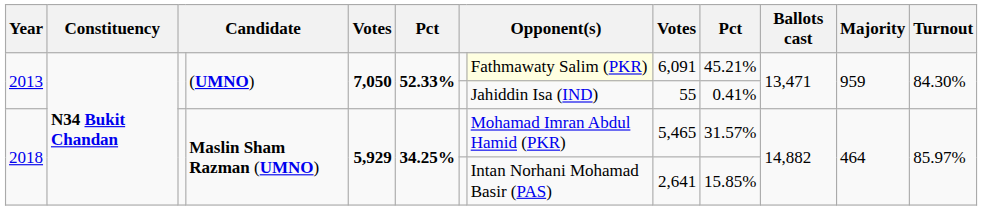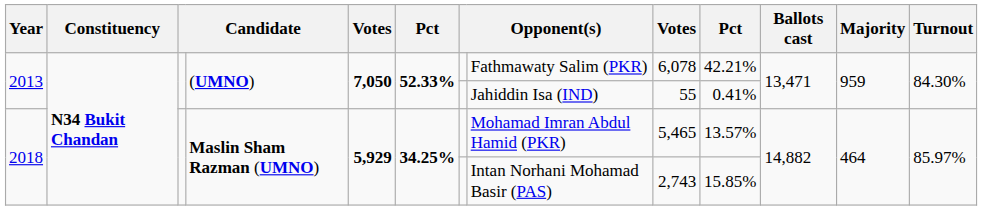 <table class="wikitable" style="margin:0.5em ; font-size:95%">
 <tr>
 <th>Year</th>
 <th>Constituency</th>
 <th colspan=2>Candidate</th>
 <th>Votes</th>
 <th>Pct</th>
 <th colspan=2>Opponent(s)</th>
 <th>Votes</th>
 <th>Pct</th>
 <th>Ballots cast</th>
 <th>Majority</th>
 <th>Turnout</th>
 </tr>
 <tr>
 <td rowspan="2"><a href='#'>2013</a></td>
 <td rowspan="4"><strong>N34 <a href='#'>Bukit Chandan</a></strong></td>
 <td rowspan="2" ></td>
 <td rowspan="2"> (<a href='#'><strong>UMNO</strong></a>)</td>
 <td rowspan="2" align=right><strong>7,050</strong></td>
 <td rowspan="2"><strong>52.33%</strong></td>
 <td></td>
-<td style="background: lightyellow;">Fathmawaty Salim (<a href='#'>PKR</a>)</td>
-<td align=right>6,091</td>
-<td>45.21%</td>
+<td>Fathmawaty Salim (<a href='#'>PKR</a>)</td>
+<td align=right>6,078</td>
+<td>42.21%</td>
 <td rowspan="2">13,471</td>
 <td rowspan="2">959</td>
 <td rowspan="2">84.30%</td>
 </tr>
 <tr>
 <td></td>
 <td>Jahiddin Isa (<a href='#'>IND</a>)</td>
 <td align=right>55</td>
 <td align=right>0.41%</td>
 </tr>
 <tr>
 <td rowspan="2"><a href='#'>2018</a></td>
 <td rowspan="2" ></td>
 <td rowspan="2"><strong>Maslin Sham Razman</strong> (<a href='#'><strong>UMNO</strong></a>)</td>
 <td rowspan="2" align=right><strong>5,929</strong></td>
 <td rowspan="2"><strong>34.25%</strong></td>
 <td></td>
 <td><a href='#'>Mohamad Imran Abdul Hamid</a> (<a href='#'>PKR</a>)</td>
 <td align=right>5,465</td>
-<td>31.57%</td>
+<td>13.57%</td>
 <td rowspan="2">14,882</td>
 <td rowspan="2">464</td>
 <td rowspan="2">85.97%</td>
 </tr>
 <tr>
 <td></td>
 <td>Intan Norhani Mohamad Basir (<a href='#'>PAS</a>)</td>
-<td align=right>2,641</td>
+<td align=right>2,743</td>
 <td>15.85%</td>
 </tr>
 </table>
